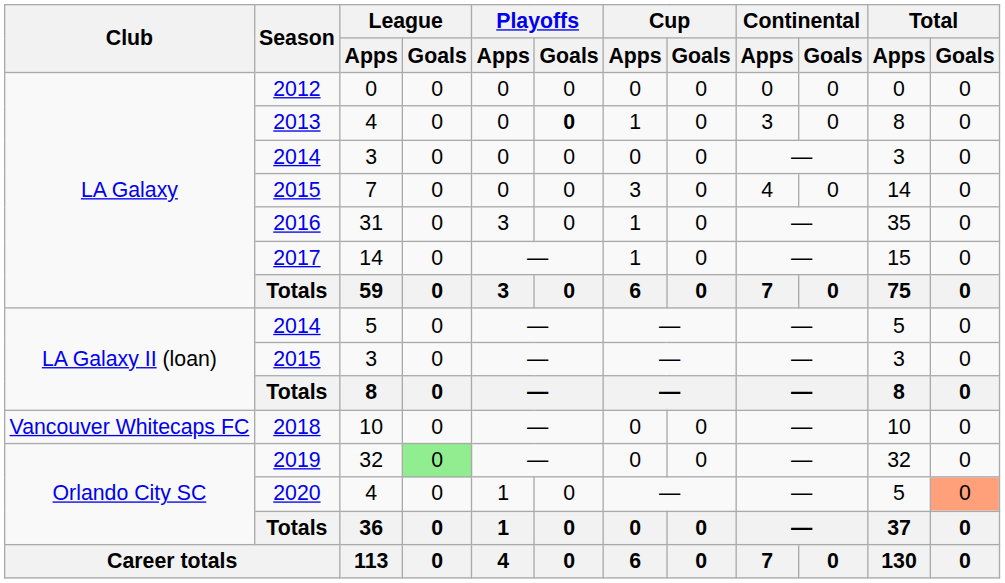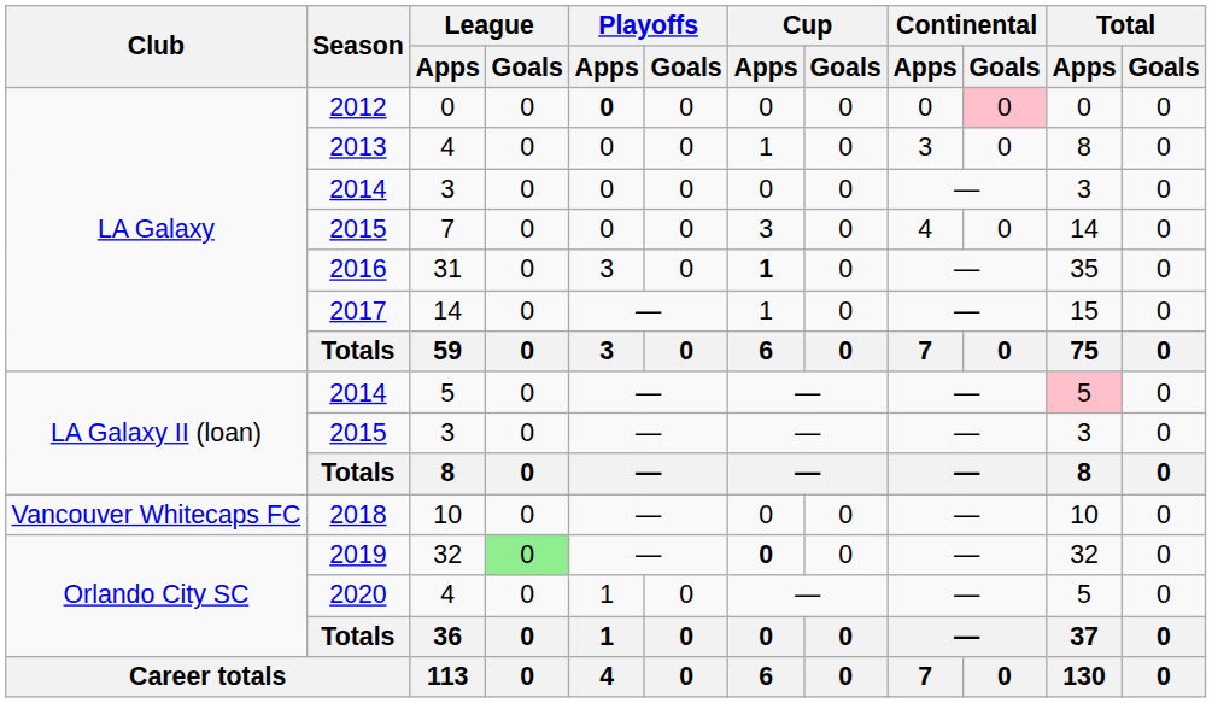 <table class="wikitable" Style="text-align: center">
 <tr>
 <th rowspan="2">Club</th>
 <th rowspan="2">Season</th>
 <th colspan="2">League</th>
 <th colspan="2"><a href='#'>Playoffs</a></th>
 <th colspan="2">Cup</th>
 <th colspan="2">Continental</th>
 <th colspan="2">Total</th>
 </tr>
 <tr>
 <th>Apps</th>
 <th>Goals</th>
 <th>Apps</th>
 <th>Goals</th>
 <th>Apps</th>
 <th>Goals</th>
 <th>Apps</th>
 <th>Goals</th>
 <th>Apps</th>
 <th>Goals</th>
 </tr>
 <tr>
 <td rowspan="7"><a href='#'>LA Galaxy</a></td>
 <td><a href='#'>2012</a></td>
 <td>0</td>
 <td>0</td>
+<td><strong>0</strong></td>
 <td>0</td>
 <td>0</td>
 <td>0</td>
 <td>0</td>
-<td>0</td>
-<td>0</td>
+<td style="background: pink;">0</td>
 <td>0</td>
 <td>0</td>
 </tr>
 <tr>
 <td><a href='#'>2013</a></td>
 <td>4</td>
 <td>0</td>
 <td>0</td>
-<td><strong>0</strong></td>
+<td>0</td>
 <td>1</td>
 <td>0</td>
 <td>3</td>
 <td>0</td>
 <td>8</td>
 <td>0</td>
 </tr>
 <tr>
 <td><a href='#'>2014</a></td>
 <td>3</td>
 <td>0</td>
 <td>0</td>
 <td>0</td>
 <td>0</td>
 <td>0</td>
 <td colspan="2">—</td>
 <td>3</td>
 <td>0</td>
 </tr>
 <tr>
 <td><a href='#'>2015</a></td>
 <td>7</td>
 <td>0</td>
 <td>0</td>
 <td>0</td>
 <td>3</td>
 <td>0</td>
 <td>4</td>
 <td>0</td>
 <td>14</td>
 <td>0</td>
 </tr>
 <tr>
 <td><a href='#'>2016</a></td>
 <td>31</td>
 <td>0</td>
 <td>3</td>
 <td>0</td>
-<td>1</td>
+<td><strong>1</strong></td>
 <td>0</td>
 <td colspan="2">—</td>
 <td>35</td>
 <td>0</td>
 </tr>
 <tr>
 <td><a href='#'>2017</a></td>
 <td>14</td>
 <td>0</td>
 <td colspan="2">—</td>
 <td>1</td>
 <td>0</td>
 <td colspan="2">—</td>
 <td>15</td>
 <td>0</td>
 </tr>
 <tr>
 <th>Totals</th>
 <th>59</th>
 <th>0</th>
 <th>3</th>
 <th>0</th>
 <th>6</th>
 <th>0</th>
 <th>7</th>
 <th>0</th>
 <th>75</th>
 <th>0</th>
 </tr>
 <tr>
 <td rowspan="3"><a href='#'>LA Galaxy II</a> (loan)</td>
 <td><a href='#'>2014</a></td>
 <td>5</td>
 <td>0</td>
 <td colspan="2">—</td>
 <td colspan="2">—</td>
 <td colspan="2">—</td>
-<td>5</td>
+<td style="background: pink;">5</td>
 <td>0</td>
 </tr>
 <tr>
 <td><a href='#'>2015</a></td>
 <td>3</td>
 <td>0</td>
 <td colspan="2">—</td>
 <td colspan="2">—</td>
 <td colspan="2">—</td>
 <td>3</td>
 <td>0</td>
 </tr>
 <tr>
 <th>Totals</th>
 <th>8</th>
 <th>0</th>
 <th colspan="2">—</th>
 <th colspan="2">—</th>
 <th colspan="2">—</th>
 <th>8</th>
 <th>0</th>
 </tr>
 <tr>
 <td><a href='#'>Vancouver Whitecaps FC</a></td>
 <td><a href='#'>2018</a></td>
 <td>10</td>
 <td>0</td>
 <td colspan="2">—</td>
 <td>0</td>
 <td>0</td>
 <td colspan="2">—</td>
 <td>10</td>
 <td>0</td>
 </tr>
 <tr>
 <td rowspan=3><a href='#'>Orlando City SC</a></td>
 <td><a href='#'>2019</a></td>
 <td>32</td>
 <td style="background: lightgreen;">0</td>
 <td colspan="2">—</td>
-<td>0</td>
+<td><strong>0</strong></td>
 <td>0</td>
 <td colspan="2">—</td>
 <td>32</td>
 <td>0</td>
 </tr>
 <tr>
 <td><a href='#'>2020</a></td>
 <td>4</td>
 <td>0</td>
 <td>1</td>
 <td>0</td>
 <td colspan="2">—</td>
 <td colspan="2">—</td>
 <td>5</td>
-<td style="background: lightsalmon;">0</td>
+<td>0</td>
 </tr>
 <tr>
 <th>Totals</th>
 <th>36</th>
 <th>0</th>
 <th>1</th>
 <th>0</th>
 <th>0</th>
 <th>0</th>
 <th colspan="2">—</th>
 <th>37</th>
 <th>0</th>
 </tr>
 <tr>
 <th colspan="2">Career totals</th>
 <th>113</th>
 <th>0</th>
 <th>4</th>
 <th>0</th>
 <th>6</th>
 <th>0</th>
 <th>7</th>
 <th>0</th>
 <th>130</th>
 <th>0</th>
 </tr>
 </table>
